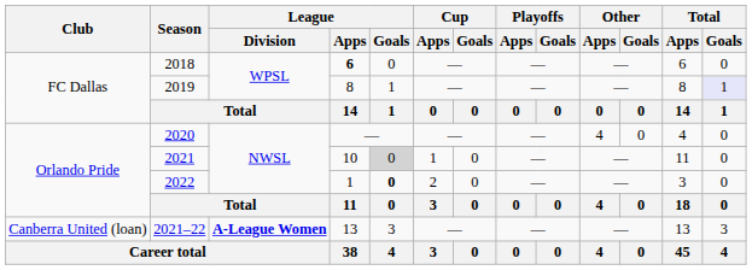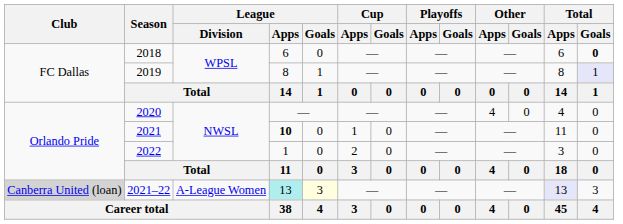 <table class="wikitable" style="text-align: center;">
 <tr>
 <th rowspan="2">Club</th>
 <th rowspan="2">Season</th>
 <th colspan="3">League</th>
 <th colspan="2">Cup</th>
 <th colspan="2">Playoffs</th>
 <th colspan="2">Other</th>
 <th colspan="2">Total</th>
 </tr>
 <tr>
 <th>Division</th>
 <th>Apps</th>
 <th>Goals</th>
 <th>Apps</th>
 <th>Goals</th>
 <th>Apps</th>
 <th>Goals</th>
 <th>Apps</th>
 <th>Goals</th>
 <th>Apps</th>
 <th>Goals</th>
 </tr>
 <tr>
 <td rowspan="3">FC Dallas</td>
 <td>2018</td>
 <td rowspan="2"><a href='#'>WPSL</a></td>
-<td><strong>6</strong></td>
+<td>6</td>
 <td>0</td>
 <td colspan="2">—</td>
 <td colspan="2">—</td>
 <td colspan="2">—</td>
 <td>6</td>
-<td>0</td>
+<td><strong>0</strong></td>
 </tr>
 <tr>
 <td>2019</td>
 <td>8</td>
 <td>1</td>
 <td colspan="2">—</td>
 <td colspan="2">—</td>
 <td colspan="2">—</td>
 <td>8</td>
 <td style="background: lavender;">1</td>
 </tr>
 <tr>
 <th colspan="2">Total</th>
 <th>14</th>
 <th>1</th>
 <th>0</th>
 <th>0</th>
 <th>0</th>
 <th>0</th>
 <th>0</th>
 <th>0</th>
 <th>14</th>
 <th>1</th>
 </tr>
 <tr>
 <td rowspan="4"><a href='#'>Orlando Pride</a></td>
 <td><a href='#'>2020</a></td>
 <td rowspan="3"><a href='#'>NWSL</a></td>
 <td colspan="2">—</td>
 <td colspan="2">—</td>
 <td colspan="2">—</td>
 <td>4</td>
 <td>0</td>
 <td>4</td>
 <td>0</td>
 </tr>
 <tr>
 <td><a href='#'>2021</a></td>
-<td>10</td>
-<td style="background: lightgrey;">0</td>
+<td><strong>10</strong></td>
+<td>0</td>
 <td>1</td>
 <td>0</td>
 <td colspan="2">—</td>
 <td colspan="2">—</td>
 <td>11</td>
 <td>0</td>
 </tr>
 <tr>
 <td><a href='#'>2022</a></td>
 <td>1</td>
-<td><strong>0</strong></td>
+<td>0</td>
 <td>2</td>
 <td>0</td>
 <td colspan="2">—</td>
 <td colspan="2">—</td>
 <td>3</td>
 <td>0</td>
 </tr>
 <tr>
 <th colspan="2">Total</th>
 <th>11</th>
 <th>0</th>
 <th>3</th>
 <th>0</th>
 <th>0</th>
 <th>0</th>
 <th>4</th>
 <th>0</th>
 <th>18</th>
 <th>0</th>
 </tr>
 <tr>
-<td><a href='#'>Canberra United</a> (loan)</td>
+<td style="background: lightgrey;"><a href='#'>Canberra United</a> (loan)</td>
 <td><a href='#'>2021–22</a></td>
-<td><strong><a href='#'>A-League Women</a></strong></td>
-<td>13</td>
-<td>3</td>
+<td><a href='#'>A-League Women</a></td>
+<td style="background: paleturquoise;">13</td>
+<td style="background: lightyellow;">3</td>
 <td colspan="2">—</td>
 <td colspan="2">—</td>
 <td colspan="2">—</td>
-<td>13</td>
+<td style="background: lavender;">13</td>
 <td>3</td>
 </tr>
 <tr>
 <th colspan="3">Career total</th>
 <th>38</th>
 <th>4</th>
 <th>3</th>
 <th>0</th>
 <th>0</th>
 <th>0</th>
 <th>4</th>
 <th>0</th>
 <th>45</th>
 <th>4</th>
 </tr>
 </table>
